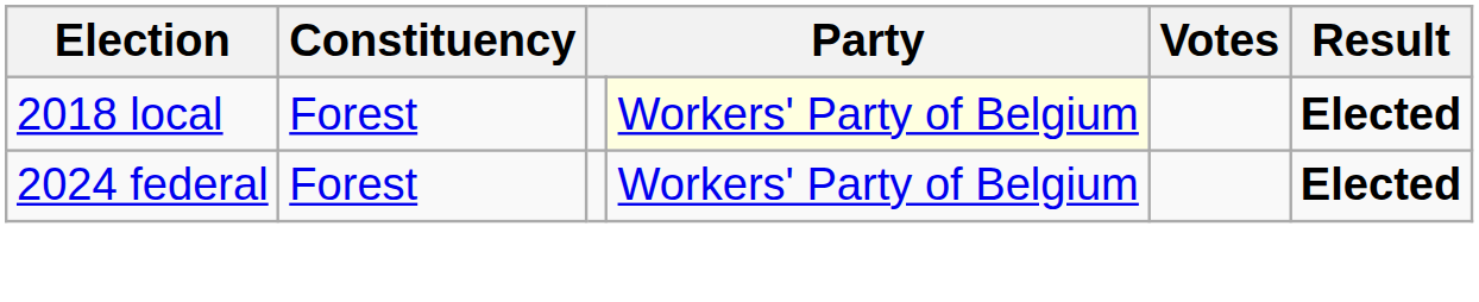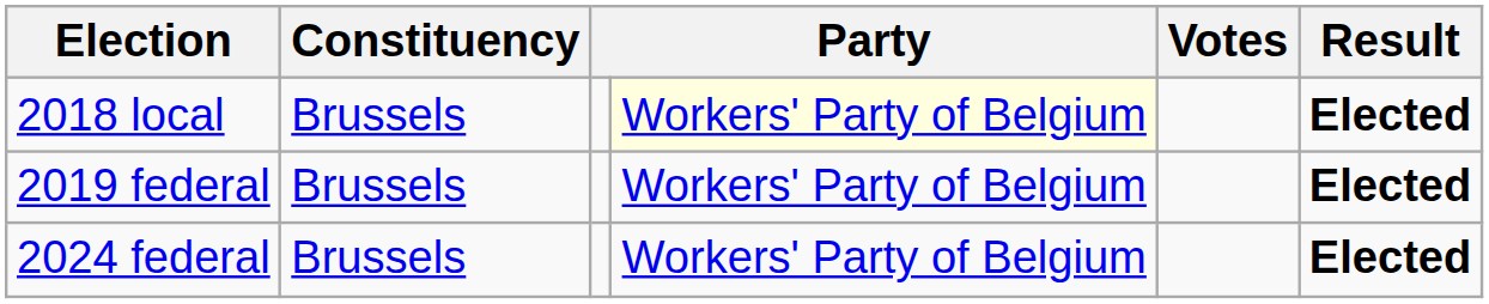 <table class="wikitable" style="text-align:left;">
 <tr>
 <th scope=col>Election</th>
 <th scope=col>Constituency</th>
 <th scope=col colspan="2">Party</th>
 <th scope=col>Votes</th>
 <th scope=col>Result</th>
 </tr>
 <tr>
 <td><a href='#'>2018 local</a></td>
-<td><a href='#'>Forest</a></td>
+<td><a href='#'>Brussels</a></td>
 <td style="background:"></td>
 <td style="background: lightyellow;"><a href='#'>Workers' Party of Belgium</a></td>
 <td align=right></td>
 <td><strong>Elected</strong></td>
 </tr>
 <tr>
+<td><a href='#'>2019 federal</a></td>
+<td><a href='#'>Brussels</a></td>
+<td style="background:"></td>
+<td><a href='#'>Workers' Party of Belgium</a></td>
+<td align=right></td>
+<td><strong>Elected</strong></td>
+</tr>
+<tr>
 <td><a href='#'>2024 federal</a></td>
-<td><a href='#'>Forest</a></td>
+<td><a href='#'>Brussels</a></td>
 <td style="background:"></td>
 <td><a href='#'>Workers' Party of Belgium</a></td>
 <td align=right></td>
 <td><strong>Elected</strong></td>
 </tr>
 </table>
